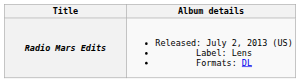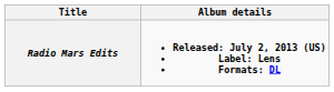 <table class="wikitable plainrowheaders" style="text-align:center;">
 <tr>
 <th scope="col" rowspan="1" style="width:14em;">Title</th>
 <th scope="col" rowspan="1" style="width:19.5em;">Album details</th>
 </tr>
 <tr>
 <th scope="row"><em>Radio Mars Edits</em></th>
-<td><br><ul><li>Released: July 2, 2013 <span>(US)</span></li><li>Label: Lens</li><li>Formats: <a href='#'>DL</a></li></ul></td>
+<td><strong><br><ul><li>Released: July 2, 2013 <span>(US)</span></li><li>Label: Lens</li><li>Formats: <a href='#'>DL</a></li></ul></strong></td>
 </tr>
 </table>
